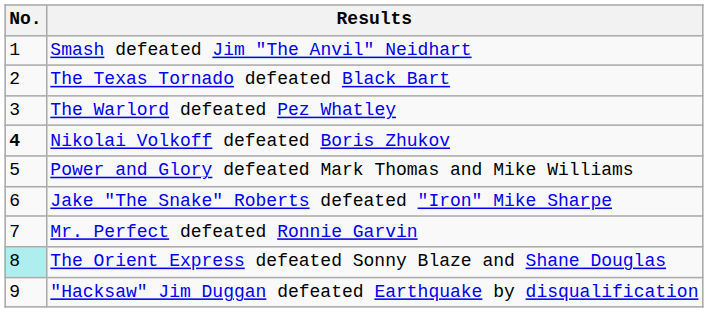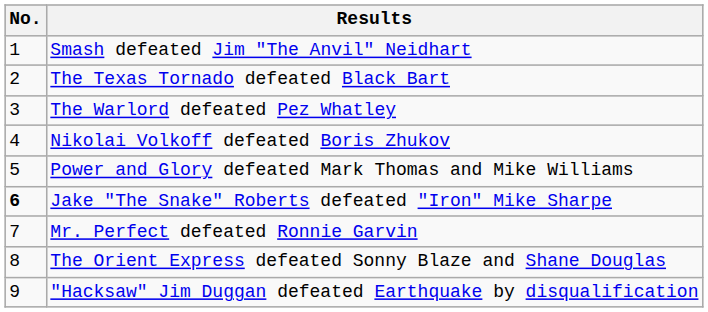 <table class=wikitable style="font-size:90%; margin: 0.5em 0 0.5em 1em; float: right; clear: right;">
 <tr>
 <th><strong>No.</strong></th>
 <th><strong>Results</strong></th>
 </tr>
 <tr>
 <td>1</td>
 <td><a href='#'>Smash</a> defeated <a href='#'>Jim "The Anvil" Neidhart</a></td>
 </tr>
 <tr>
 <td>2</td>
 <td><a href='#'>The Texas Tornado</a> defeated <a href='#'>Black Bart</a></td>
 </tr>
 <tr>
 <td>3</td>
 <td><a href='#'>The Warlord</a> defeated <a href='#'>Pez Whatley</a></td>
 </tr>
 <tr>
-<td><strong>4</strong></td>
+<td>4</td>
 <td><a href='#'>Nikolai Volkoff</a> defeated <a href='#'>Boris Zhukov</a></td>
 </tr>
 <tr>
 <td>5</td>
 <td><a href='#'>Power and Glory</a> defeated Mark Thomas and Mike Williams</td>
 </tr>
 <tr>
-<td>6</td>
+<td><strong>6</strong></td>
 <td><a href='#'>Jake "The Snake" Roberts</a> defeated <a href='#'>"Iron" Mike Sharpe</a></td>
 </tr>
 <tr>
 <td>7</td>
 <td><a href='#'>Mr. Perfect</a> defeated <a href='#'>Ronnie Garvin</a></td>
 </tr>
 <tr>
-<td style="background: paleturquoise;">8</td>
+<td>8</td>
 <td><a href='#'>The Orient Express</a> defeated Sonny Blaze and <a href='#'>Shane Douglas</a></td>
 </tr>
 <tr>
 <td>9</td>
 <td><a href='#'>"Hacksaw" Jim Duggan</a> defeated <a href='#'>Earthquake</a> by <a href='#'>disqualification</a></td>
 </tr>
 </table>
